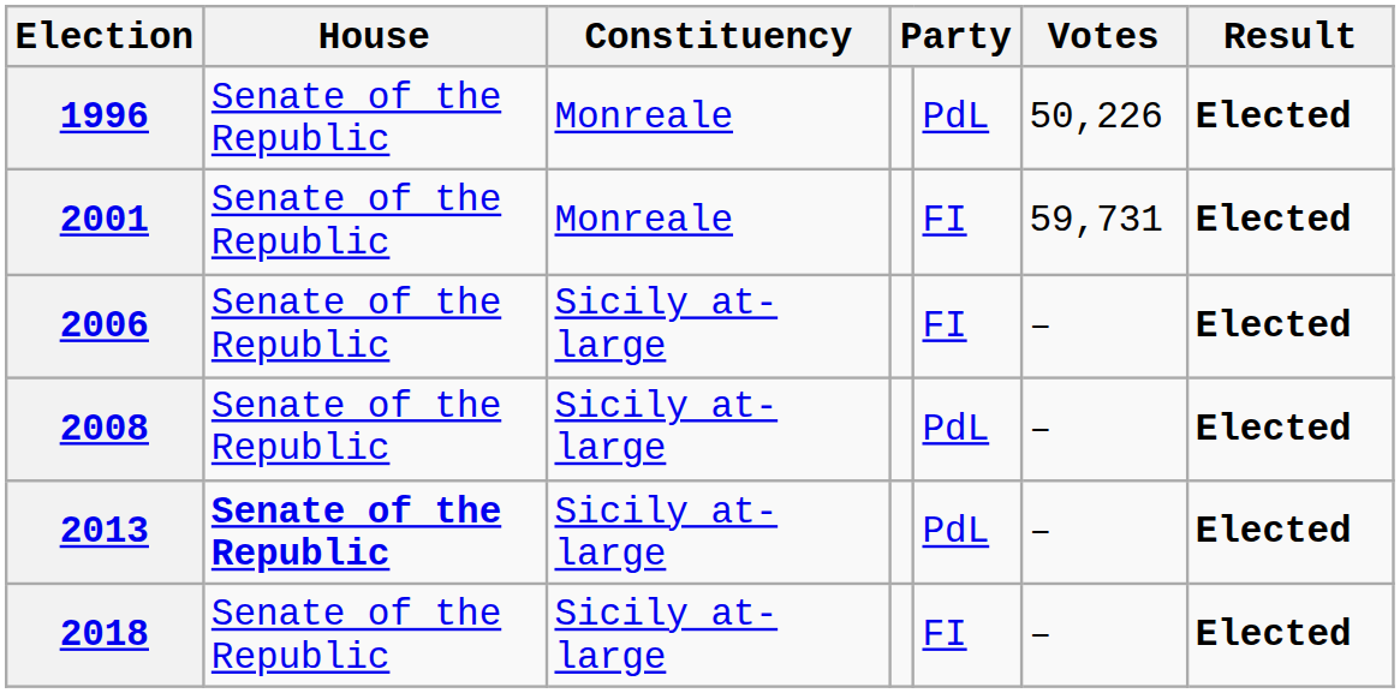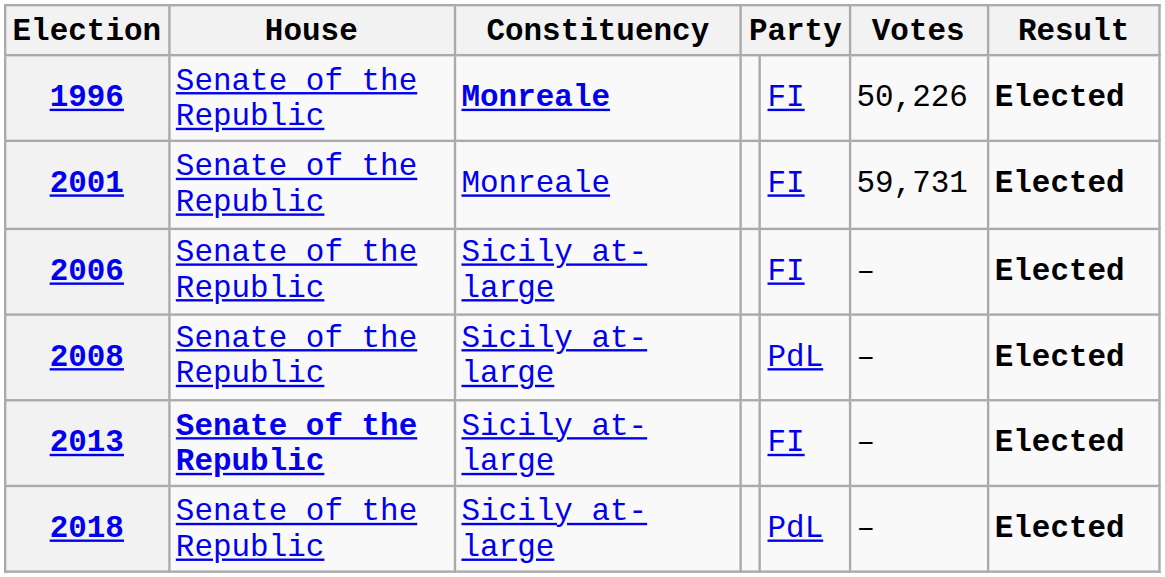 <table class=wikitable style="width:55%; border:1px #AAAAFF solid">
 <tr>
 <th width=12%>Election</th>
 <th width=25%>House</th>
 <th width=25%>Constituency</th>
 <th width=5% colspan="2">Party</th>
 <th width=12%>Votes</th>
 <th width=15%>Result</th>
 </tr>
 <tr>
 <th><a href='#'>1996</a></th>
 <td><a href='#'>Senate of the Republic</a></td>
-<td><a href='#'>Monreale</a></td>
+<td><strong><a href='#'>Monreale</a></strong></td>
 <td></td>
-<td><a href='#'>PdL</a></td>
+<td><a href='#'>FI</a></td>
 <td>50,226</td>
 <td> <strong>Elected</strong></td>
 </tr>
 <tr>
 <th><a href='#'>2001</a></th>
 <td><a href='#'>Senate of the Republic</a></td>
 <td><a href='#'>Monreale</a></td>
 <td></td>
 <td><a href='#'>FI</a></td>
 <td>59,731</td>
 <td> <strong>Elected</strong></td>
 </tr>
 <tr>
 <th><a href='#'>2006</a></th>
 <td><a href='#'>Senate of the Republic</a></td>
 <td><a href='#'>Sicily at-large</a></td>
 <td></td>
 <td><a href='#'>FI</a></td>
 <td>–</td>
 <td> <strong>Elected</strong></td>
 </tr>
 <tr>
 <th><a href='#'>2008</a></th>
 <td><a href='#'>Senate of the Republic</a></td>
 <td><a href='#'>Sicily at-large</a></td>
 <td></td>
 <td><a href='#'>PdL</a></td>
 <td>–</td>
 <td> <strong>Elected</strong></td>
 </tr>
 <tr>
 <th><a href='#'>2013</a></th>
 <td><strong><a href='#'>Senate of the Republic</a></strong></td>
 <td><a href='#'>Sicily at-large</a></td>
 <td></td>
-<td><a href='#'>PdL</a></td>
+<td><a href='#'>FI</a></td>
 <td>–</td>
 <td> <strong>Elected</strong></td>
 </tr>
 <tr>
 <th><a href='#'>2018</a></th>
 <td><a href='#'>Senate of the Republic</a></td>
 <td><a href='#'>Sicily at-large</a></td>
 <td></td>
-<td><a href='#'>FI</a></td>
+<td><a href='#'>PdL</a></td>
 <td>–</td>
 <td> <strong>Elected</strong></td>
 </tr>
 </table>
